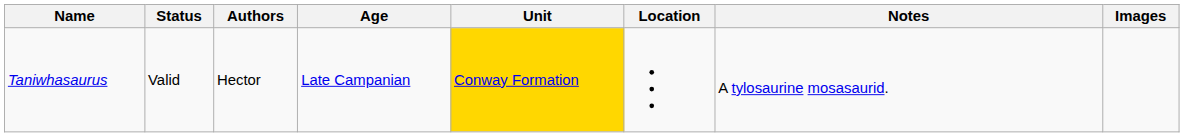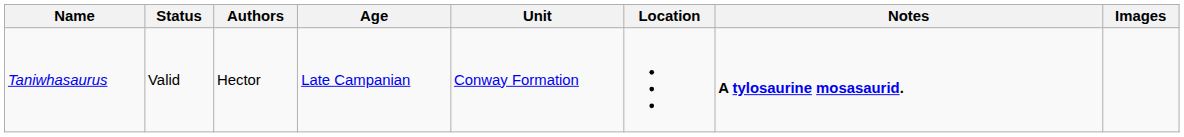 <table class="wikitable sortable" align="center" width="100%">
 <tr>
 <th>Name</th>
 <th>Status</th>
 <th>Authors</th>
 <th>Age</th>
 <th>Unit</th>
 <th>Location</th>
 <th width="33%">Notes</th>
 <th>Images</th>
 </tr>
 <tr>
 <td><em><a href='#'>Taniwhasaurus</a></em></td>
 <td>Valid</td>
 <td>Hector</td>
 <td><a href='#'>Late Campanian</a></td>
-<td style="background: gold;"><a href='#'>Conway Formation</a></td>
+<td><a href='#'>Conway Formation</a></td>
 <td><br><ul><li></li><li></li><li></li></ul></td>
-<td><br>A <a href='#'>tylosaurine</a> <a href='#'>mosasaurid</a>.</td>
+<td><strong><br>A <a href='#'>tylosaurine</a> <a href='#'>mosasaurid</a>.</strong></td>
 <td rowspan="47"><br></td>
 </tr>
 </table>
